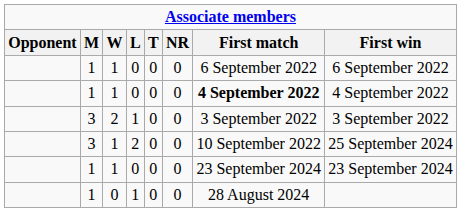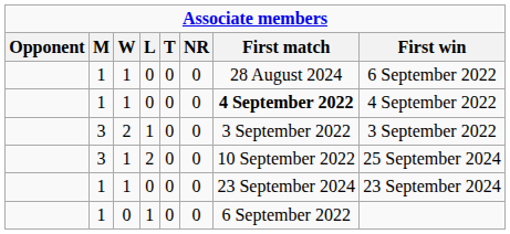 <table class="wikitable" style="text-align: center;">
 <tr>
 <td colspan="30" style="text-align: center;"><strong><a href='#'>Associate members</a></strong></td>
 </tr>
 <tr>
 <th>Opponent</th>
 <th>M</th>
 <th>W</th>
 <th>L</th>
 <th>T</th>
 <th>NR</th>
 <th>First match</th>
 <th>First win</th>
 </tr>
 <tr>
 <td></td>
 <td>1</td>
 <td>1</td>
 <td>0</td>
 <td>0</td>
 <td>0</td>
-<td>6 September 2022</td>
+<td>28 August 2024</td>
 <td>6 September 2022</td>
 </tr>
 <tr>
 <td></td>
 <td>1</td>
 <td>1</td>
 <td>0</td>
 <td>0</td>
 <td>0</td>
 <td><strong>4 September 2022</strong></td>
 <td>4 September 2022</td>
 </tr>
 <tr>
 <td></td>
 <td>3</td>
 <td>2</td>
 <td>1</td>
 <td>0</td>
 <td>0</td>
 <td>3 September 2022</td>
 <td>3 September 2022</td>
 </tr>
 <tr>
 <td></td>
 <td>3</td>
 <td>1</td>
 <td>2</td>
 <td>0</td>
 <td>0</td>
 <td>10 September 2022</td>
 <td>25 September 2024</td>
 </tr>
 <tr>
 <td></td>
 <td>1</td>
 <td>1</td>
 <td>0</td>
 <td>0</td>
 <td>0</td>
 <td>23 September 2024</td>
 <td>23 September 2024</td>
 </tr>
 <tr>
 <td></td>
 <td>1</td>
 <td>0</td>
 <td>1</td>
 <td>0</td>
 <td>0</td>
-<td>28 August 2024</td>
+<td>6 September 2022</td>
 <td></td>
 </tr>
 </table>
